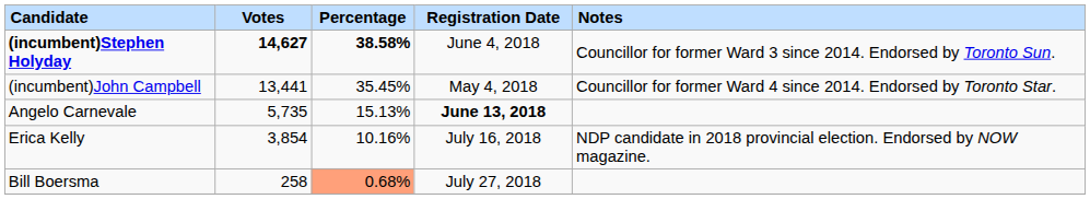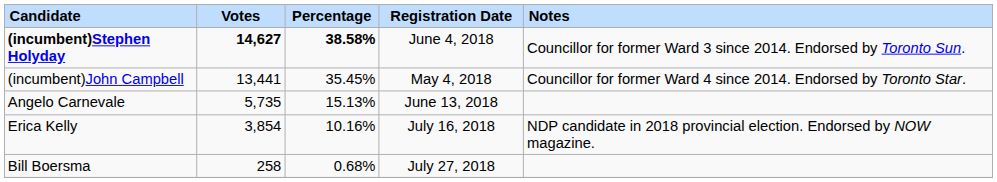 <table class="sortable wikitable">
 <tr>
 <th scope="col" style="background-color:#bfdeff;width:200px;text-align:left;padding-left:5px;">Candidate</th>
 <th scope="col" style="background-color:#bfdeff;width:88px;">Votes</th>
 <th scope="col" style="background-color:#bfdeff;width:95px;">Percentage</th>
 <th scope="col" style="background-color:#bfdeff;width:150px;">Registration Date</th>
 <th scope="col" style="background-color:#bfdeff;width:500px;text-align:left;padding-left:5px;">Notes</th>
 </tr>
 <tr>
 <td valign="top"><strong>(incumbent)<a href='#'>Stephen Holyday</a></strong></td>
 <td valign="top" align="right"><strong>14,627</strong></td>
 <td valign="top" align="right"><strong>38.58%</strong></td>
 <td valign="top" align="center">June 4, 2018</td>
 <td>Councillor for former Ward 3 since 2014. Endorsed by <em><a href='#'>Toronto Sun</a></em>.</td>
 </tr>
 <tr>
 <td valign="top">(incumbent)<a href='#'>John Campbell</a></td>
 <td valign="top" align="right">13,441</td>
 <td valign="top" align="right">35.45%</td>
 <td valign="top" align="center">May 4, 2018</td>
 <td>Councillor for former Ward 4 since 2014. Endorsed by <em>Toronto Star</em>.</td>
 </tr>
 <tr>
 <td valign="top">Angelo Carnevale</td>
 <td valign="top" align="right">5,735</td>
 <td valign="top" align="right">15.13%</td>
-<td valign="top" align="center"><strong>June 13, 2018</strong></td>
+<td valign="top" align="center">June 13, 2018</td>
 <td></td>
 </tr>
 <tr>
 <td valign="top">Erica Kelly</td>
 <td valign="top" align="right">3,854</td>
 <td valign="top" align="right">10.16%</td>
 <td valign="top" align="center">July 16, 2018</td>
 <td>NDP candidate in 2018 provincial election. Endorsed by <em>NOW</em> magazine.</td>
 </tr>
 <tr>
 <td valign="top">Bill Boersma</td>
 <td valign="top" align="right">258</td>
-<td valign="top" align="right" style="background: lightsalmon;">0.68%</td>
+<td valign="top" align="right">0.68%</td>
 <td valign="top" align="center">July 27, 2018</td>
 <td></td>
 </tr>
 <tr>
 </tr>
 </table>
